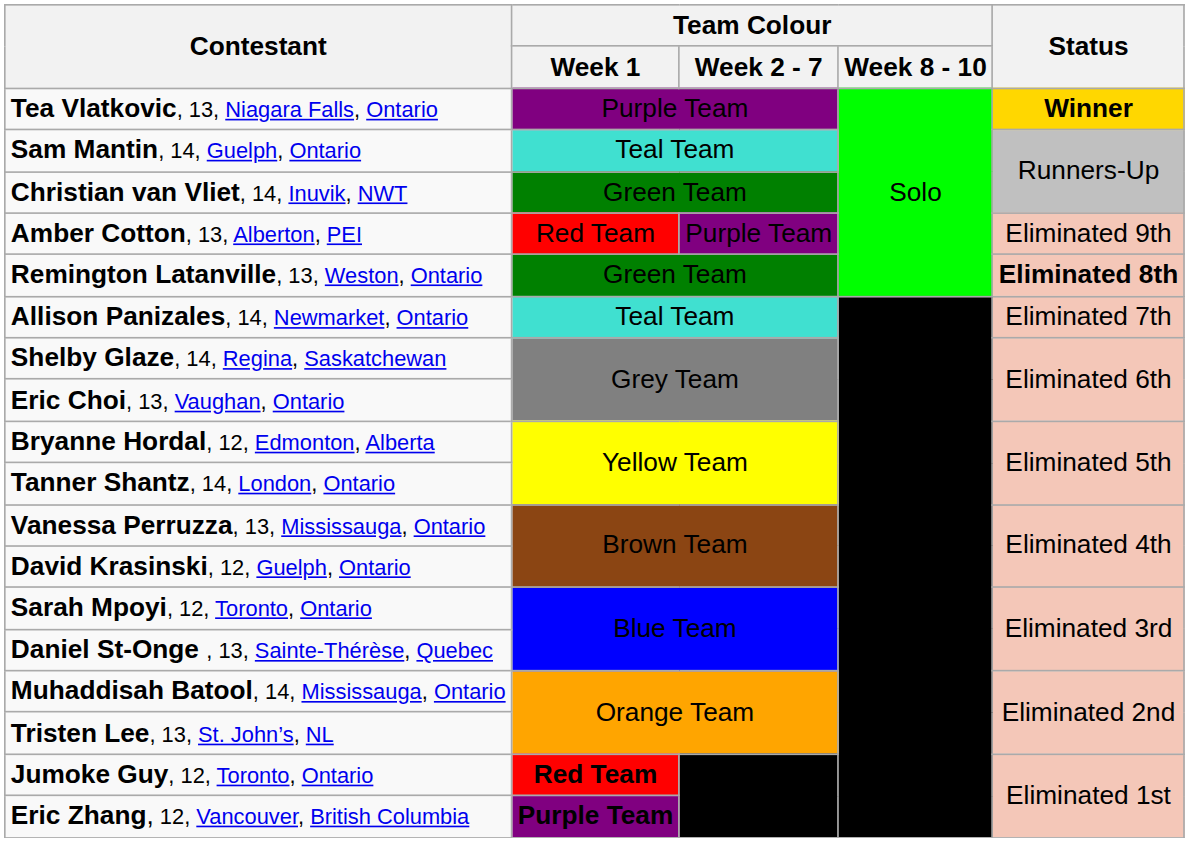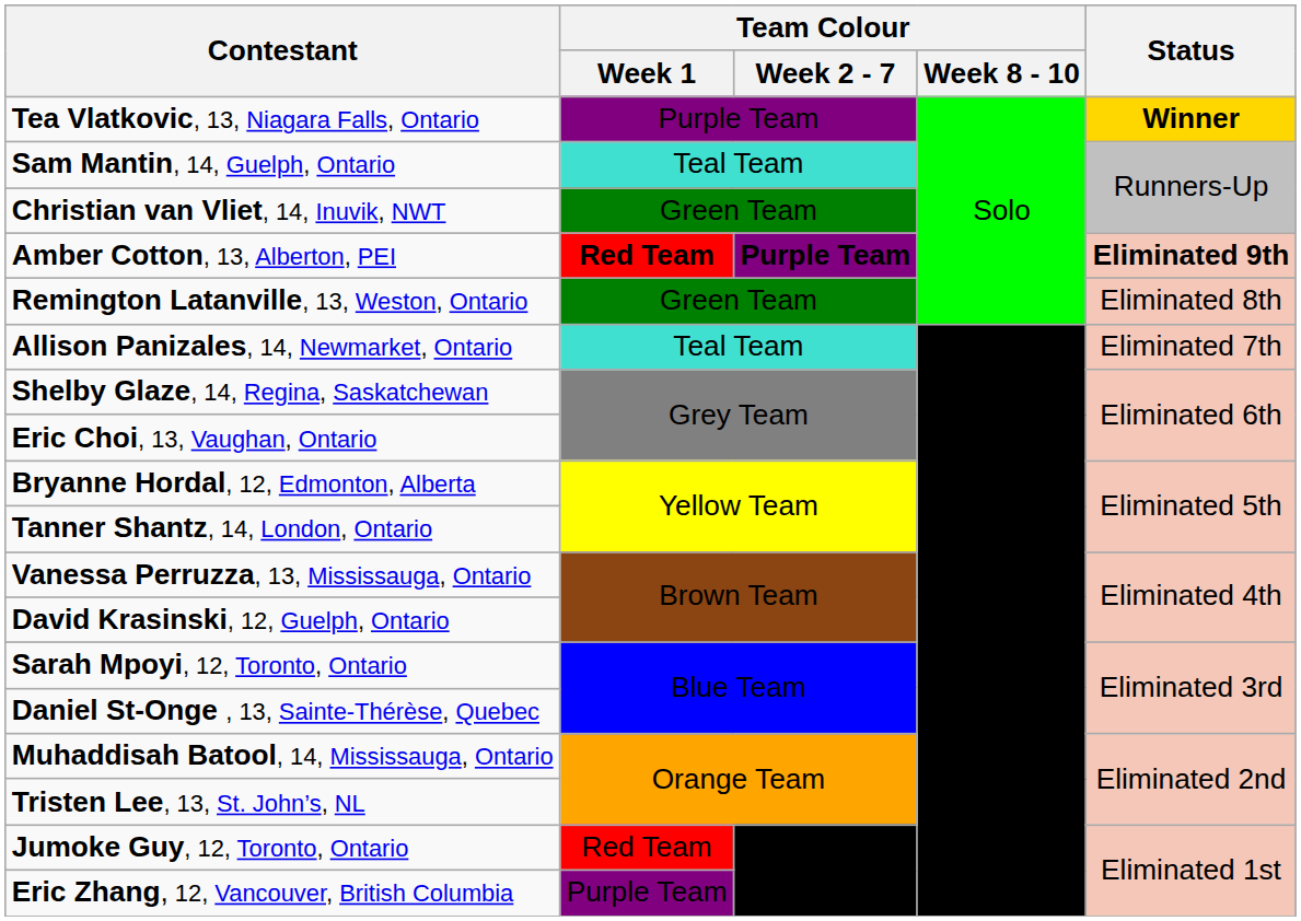 <table class="wikitable" align="center" style="text-align:center">
 <tr>
 <th rowspan=2>Contestant</th>
 <th colspan=3>Team Colour</th>
 <th rowspan=2>Status</th>
 </tr>
 <tr>
 <th>Week 1</th>
 <th>Week 2 - 7</th>
 <th>Week 8 - 10</th>
 </tr>
 <tr>
 <td align="left"><strong>Tea Vlatkovic</strong><small>, 13, <a href='#'>Niagara Falls</a>, <a href='#'>Ontario</a></small></td>
 <td colspan=2 bgcolor="purple" rowspan=1><span>Purple Team</span></td>
 <td bgcolor="lime" rowspan=5><span>Solo</span></td>
 <td bgcolor="gold"><strong>Winner<br></strong></td>
 </tr>
 <tr>
 <td align="left"><strong>Sam Mantin</strong><small>, 14, <a href='#'>Guelph</a>, <a href='#'>Ontario</a></small></td>
 <td colspan=2 bgcolor="turquoise" rowspan=1><span>Teal Team</span></td>
 <td bgcolor="silver" rowspan=2>Runners-Up<br></td>
 </tr>
 <tr>
 <td align="left"><strong>Christian van Vliet</strong><small>, 14, <a href='#'>Inuvik</a>, <a href='#'>NWT</a></small></td>
 <td colspan=2 bgcolor="green" rowspan=1><span>Green Team</span></td>
 </tr>
 <tr>
 <td align="left"><strong>Amber Cotton</strong><small>, 13, <a href='#'>Alberton</a>, <a href='#'>PEI</a></small></td>
-<td bgcolor="red" rowspan=1><span>Red Team</span></td>
-<td bgcolor="purple" rowspan=1><span>Purple Team</span></td>
-<td bgcolor="#F4C7B8" rowspan=1>Eliminated 9th <br></td>
+<td bgcolor="red" rowspan=1><strong><span>Red Team</span></strong></td>
+<td bgcolor="purple" rowspan=1><strong><span>Purple Team</span></strong></td>
+<td bgcolor="#F4C7B8" rowspan=1><strong>Eliminated 9th <br></strong></td>
 </tr>
 <tr>
 <td align="left"><strong>Remington Latanville</strong><small>, 13, <a href='#'>Weston</a>, <a href='#'>Ontario</a></small></td>
 <td colspan=2 bgcolor="green" rowspan=1><span>Green Team</span></td>
-<td bgcolor="#F4C7B8" rowspan=1><strong>Eliminated 8th <br></strong></td>
+<td bgcolor="#F4C7B8" rowspan=1>Eliminated 8th <br></td>
 </tr>
 <tr>
 <td align="left"><strong>Allison Panizales</strong><small>, 14, <a href='#'>Newmarket</a>, <a href='#'>Ontario</a></small></td>
 <td colspan=2 bgcolor="turquoise" rowspan=1><span>Teal Team</span></td>
 <td bgcolor="black" rowspan=13><span>Not In <br>Competition</span></td>
 <td bgcolor="#F4C7B8" rowspan=1>Eliminated 7th <br></td>
 </tr>
 <tr>
 <td align="left"><strong>Shelby Glaze</strong><small>, 14, <a href='#'>Regina</a>, <a href='#'>Saskatchewan</a></small></td>
 <td colspan=2 bgcolor="gray" rowspan=2><span>Grey Team</span></td>
 <td bgcolor="#F4C7B8" rowspan=2>Eliminated 6th <br></td>
 </tr>
 <tr>
 <td align="left"><strong>Eric Choi</strong><small>, 13, <a href='#'>Vaughan</a>, <a href='#'>Ontario</a></small></td>
 </tr>
 <tr>
 <td align="left"><strong>Bryanne Hordal</strong><small>, 12, <a href='#'>Edmonton</a>, <a href='#'>Alberta</a></small></td>
 <td colspan=2 bgcolor="yellow" rowspan=2><span>Yellow Team</span></td>
 <td bgcolor="#F4C7B8" rowspan=2>Eliminated 5th <br></td>
 </tr>
 <tr>
 <td align="left"><strong>Tanner Shantz</strong><small>, 14, <a href='#'>London</a>, <a href='#'>Ontario</a></small></td>
 </tr>
 <tr>
 <td align="left"><strong>Vanessa Perruzza</strong><small>, 13, <a href='#'>Mississauga</a>, <a href='#'>Ontario</a></small></td>
 <td colspan=2 bgcolor="saddlebrown" rowspan=2><span>Brown Team</span></td>
 <td bgcolor="#F4C7B8" rowspan=2>Eliminated 4th <br></td>
 </tr>
 <tr>
 <td align="left"><strong>David Krasinski</strong><small>, 12, <a href='#'>Guelph</a>, <a href='#'>Ontario</a></small></td>
 </tr>
 <tr>
 <td align="left"><strong>Sarah Mpoyi</strong><small>, 12, <a href='#'>Toronto</a>, <a href='#'>Ontario</a></small></td>
 <td colspan=2 bgcolor="blue" rowspan=2><span>Blue Team</span></td>
 <td bgcolor="#F4C7B8" rowspan=2>Eliminated 3rd <br></td>
 </tr>
 <tr>
 <td align="left"><strong>Daniel St-Onge </strong><small>, 13, <a href='#'>Sainte-Thérèse</a>, <a href='#'>Quebec</a></small></td>
 </tr>
 <tr>
 <td align="left"><strong>Muhaddisah Batool</strong><small>, 14, <a href='#'>Mississauga</a>, <a href='#'>Ontario</a></small></td>
 <td colspan=2 bgcolor="orange" rowspan=2><span>Orange Team</span></td>
 <td bgcolor="#F4C7B8" rowspan=2>Eliminated 2nd <br></td>
 </tr>
 <tr>
 <td align="left"><strong>Tristen Lee</strong><small>, 13, <a href='#'>St. John’s</a>, <a href='#'>NL</a></small></td>
 </tr>
 <tr>
 <td align="left"><strong>Jumoke Guy</strong><small>, 12, <a href='#'>Toronto</a>, <a href='#'>Ontario</a></small></td>
-<td bgcolor="red" rowspan=1><strong><span>Red Team</span></strong></td>
+<td bgcolor="red" rowspan=1><span>Red Team</span></td>
 <td bgcolor="black" rowspan=2><span>Not In <br>Competition</span></td>
 <td bgcolor="#F4C7B8" rowspan=2>Eliminated 1st <br></td>
 </tr>
 <tr>
 <td align="left"><strong>Eric Zhang</strong>,<small> 12, <a href='#'>Vancouver</a>, <a href='#'>British Columbia</a></small></td>
-<td bgcolor="purple" rowspan=1><strong><span>Purple Team</span></strong></td>
+<td bgcolor="purple" rowspan=1><span>Purple Team</span></td>
 </tr>
 </table>
